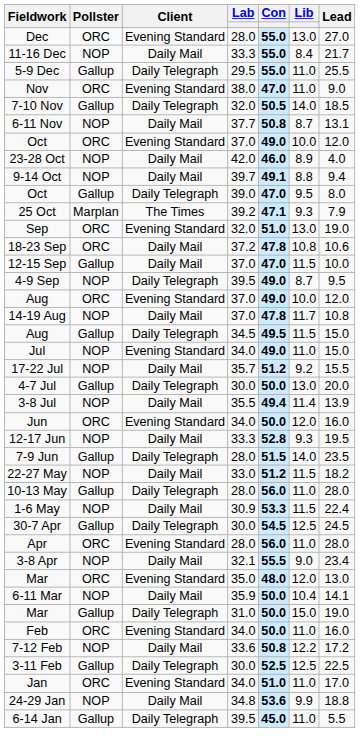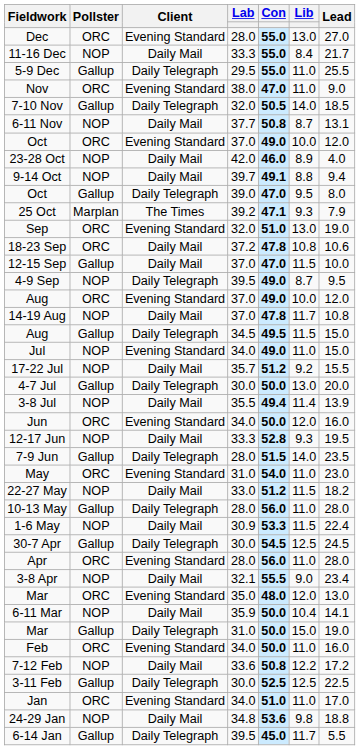 <table class="wikitable sortable mw-datatable" style="text-align: center; line-height: 14px; font-size: 95%;">
 <tr>
 <th rowspan="2">Fieldwork</th>
 <th rowspan="2">Pollster</th>
 <th rowspan="2">Client</th>
 <th><a href='#'>Lab</a></th>
 <th><a href='#'>Con</a></th>
 <th><a href='#'>Lib</a></th>
 <th rowspan="2">Lead</th>
 </tr>
 <tr>
 <th style="background:"></th>
 <th style="background:"></th>
 <th style="background:"></th>
 </tr>
 <tr>
 <td>Dec</td>
 <td>ORC</td>
 <td>Evening Standard</td>
 <td>28.0</td>
 <td style="background:#CCEBFF;"><strong>55.0</strong></td>
 <td>13.0</td>
 <td style="background:">27.0</td>
 </tr>
 <tr>
 <td>11-16 Dec</td>
 <td>NOP</td>
 <td>Daily Mail</td>
 <td>33.3</td>
 <td style="background:#CCEBFF;"><strong>55.0</strong></td>
 <td>8.4</td>
 <td style="background:">21.7</td>
 </tr>
 <tr>
 <td>5-9 Dec</td>
 <td>Gallup</td>
 <td>Daily Telegraph</td>
 <td>29.5</td>
 <td style="background:#CCEBFF;"><strong>55.0</strong></td>
 <td>11.0</td>
 <td style="background:">25.5</td>
 </tr>
 <tr>
 <td>Nov</td>
 <td>ORC</td>
 <td>Evening Standard</td>
 <td>38.0</td>
 <td style="background:#CCEBFF;"><strong>47.0</strong></td>
 <td>11.0</td>
 <td style="background:">9.0</td>
 </tr>
 <tr>
 <td>7-10 Nov</td>
 <td>Gallup</td>
 <td>Daily Telegraph</td>
 <td>32.0</td>
 <td style="background:#CCEBFF;"><strong>50.5</strong></td>
 <td>14.0</td>
 <td style="background:">18.5</td>
 </tr>
 <tr>
 <td>6-11 Nov</td>
 <td>NOP</td>
 <td>Daily Mail</td>
 <td>37.7</td>
 <td style="background:#CCEBFF;"><strong>50.8</strong></td>
 <td>8.7</td>
 <td style="background:">13.1</td>
 </tr>
 <tr>
 <td>Oct</td>
 <td>ORC</td>
 <td>Evening Standard</td>
 <td>37.0</td>
 <td style="background:#CCEBFF;"><strong>49.0</strong></td>
 <td>10.0</td>
 <td style="background:">12.0</td>
 </tr>
 <tr>
 <td>23-28 Oct</td>
 <td>NOP</td>
 <td>Daily Mail</td>
 <td>42.0</td>
 <td style="background:#CCEBFF;"><strong>46.0</strong></td>
 <td>8.9</td>
 <td style="background:">4.0</td>
 </tr>
 <tr>
 <td>9-14 Oct</td>
 <td>NOP</td>
 <td>Daily Mail</td>
 <td>39.7</td>
 <td style="background:#CCEBFF;"><strong>49.1</strong></td>
 <td>8.8</td>
 <td style="background:">9.4</td>
 </tr>
 <tr>
 <td>Oct</td>
 <td>Gallup</td>
 <td>Daily Telegraph</td>
 <td>39.0</td>
 <td style="background:#CCEBFF;"><strong>47.0</strong></td>
 <td>9.5</td>
 <td style="background:">8.0</td>
 </tr>
 <tr>
 <td>25 Oct</td>
 <td>Marplan</td>
 <td>The Times</td>
 <td>39.2</td>
 <td style="background:#CCEBFF;"><strong>47.1</strong></td>
 <td>9.3</td>
 <td style="background:">7.9</td>
 </tr>
 <tr>
 <td>Sep</td>
 <td>ORC</td>
 <td>Evening Standard</td>
 <td>32.0</td>
 <td style="background:#CCEBFF;"><strong>51.0</strong></td>
 <td>13.0</td>
 <td style="background:">19.0</td>
 </tr>
 <tr>
 <td>18-23 Sep</td>
 <td>ORC</td>
 <td>Daily Mail</td>
 <td>37.2</td>
 <td style="background:#CCEBFF;"><strong>47.8</strong></td>
 <td>10.8</td>
 <td style="background:">10.6</td>
 </tr>
 <tr>
 <td>12-15 Sep</td>
 <td>Gallup</td>
 <td>Daily Mail</td>
 <td>37.0</td>
 <td style="background:#CCEBFF;"><strong>47.0</strong></td>
 <td>11.5</td>
 <td style="background:">10.0</td>
 </tr>
 <tr>
 <td>4-9 Sep</td>
 <td>NOP</td>
 <td>Daily Telegraph</td>
 <td>39.5</td>
 <td style="background:#CCEBFF;"><strong>49.0</strong></td>
 <td>8.7</td>
 <td style="background:">9.5</td>
 </tr>
 <tr>
 <td>Aug</td>
 <td>ORC</td>
 <td>Evening Standard</td>
 <td>37.0</td>
 <td style="background:#CCEBFF;"><strong>49.0</strong></td>
 <td>10.0</td>
 <td style="background:">12.0</td>
 </tr>
 <tr>
 <td>14-19 Aug</td>
 <td>NOP</td>
 <td>Daily Mail</td>
 <td>37.0</td>
 <td style="background:#CCEBFF;"><strong>47.8</strong></td>
 <td>11.7</td>
 <td style="background:">10.8</td>
 </tr>
 <tr>
 <td>Aug</td>
 <td>Gallup</td>
 <td>Daily Telegraph</td>
 <td>34.5</td>
 <td style="background:#CCEBFF;"><strong>49.5</strong></td>
 <td>11.5</td>
 <td style="background:">15.0</td>
 </tr>
 <tr>
 <td>Jul</td>
 <td>NOP</td>
 <td>Evening Standard</td>
 <td>34.0</td>
 <td style="background:#CCEBFF;"><strong>49.0</strong></td>
 <td>11.0</td>
 <td style="background:">15.0</td>
 </tr>
 <tr>
 <td>17-22 Jul</td>
 <td>NOP</td>
 <td>Daily Mail</td>
 <td>35.7</td>
 <td style="background:#CCEBFF;"><strong>51.2</strong></td>
 <td>9.2</td>
 <td style="background:">15.5</td>
 </tr>
 <tr>
 <td>4-7 Jul</td>
 <td>Gallup</td>
 <td>Daily Telegraph</td>
 <td>30.0</td>
 <td style="background:#CCEBFF;"><strong>50.0</strong></td>
 <td>13.0</td>
 <td style="background:">20.0</td>
 </tr>
 <tr>
 <td>3-8 Jul</td>
 <td>NOP</td>
 <td>Daily Mail</td>
 <td>35.5</td>
 <td style="background:#CCEBFF;"><strong>49.4</strong></td>
 <td>11.4</td>
 <td style="background:">13.9</td>
 </tr>
 <tr>
 <td>Jun</td>
 <td>ORC</td>
 <td>Evening Standard</td>
 <td>34.0</td>
 <td style="background:#CCEBFF;"><strong>50.0</strong></td>
 <td>12.0</td>
 <td style="background:">16.0</td>
 </tr>
 <tr>
 <td>12-17 Jun</td>
 <td>NOP</td>
 <td>Daily Mail</td>
 <td>33.3</td>
 <td style="background:#CCEBFF;"><strong>52.8</strong></td>
 <td>9.3</td>
 <td style="background:">19.5</td>
 </tr>
 <tr>
 <td>7-9 Jun</td>
 <td>Gallup</td>
 <td>Daily Telegraph</td>
 <td>28.0</td>
 <td style="background:#CCEBFF;"><strong>51.5</strong></td>
 <td>14.0</td>
 <td style="background:">23.5</td>
 </tr>
 <tr>
+<td>May</td>
+<td>ORC</td>
+<td>Evening Standard</td>
+<td>31.0</td>
+<td style="background:#CCEBFF;"><strong>54.0</strong></td>
+<td>11.0</td>
+<td style="background:">23.0</td>
+</tr>
+<tr>
 <td>22-27 May</td>
 <td>NOP</td>
 <td>Daily Mail</td>
 <td>33.0</td>
 <td style="background:#CCEBFF;"><strong>51.2</strong></td>
 <td>11.5</td>
 <td style="background:">18.2</td>
 </tr>
 <tr>
 <td>10-13 May</td>
 <td>Gallup</td>
 <td>Daily Telegraph</td>
 <td>28.0</td>
 <td style="background:#CCEBFF;"><strong>56.0</strong></td>
 <td>11.0</td>
 <td style="background:">28.0</td>
 </tr>
 <tr>
 <td>1-6 May</td>
 <td>NOP</td>
 <td>Daily Mail</td>
 <td>30.9</td>
 <td style="background:#CCEBFF;"><strong>53.3</strong></td>
 <td>11.5</td>
 <td style="background:">22.4</td>
 </tr>
 <tr>
 <td>30-7 Apr</td>
 <td>Gallup</td>
 <td>Daily Telegraph</td>
 <td>30.0</td>
 <td style="background:#CCEBFF;"><strong>54.5</strong></td>
 <td>12.5</td>
 <td style="background:">24.5</td>
 </tr>
 <tr>
 <td>Apr</td>
 <td>ORC</td>
 <td>Evening Standard</td>
 <td>28.0</td>
 <td style="background:#CCEBFF;"><strong>56.0</strong></td>
 <td>11.0</td>
 <td style="background:">28.0</td>
 </tr>
 <tr>
 <td>3-8 Apr</td>
 <td>NOP</td>
 <td>Daily Mail</td>
 <td>32.1</td>
 <td style="background:#CCEBFF;"><strong>55.5</strong></td>
 <td>9.0</td>
 <td style="background:">23.4</td>
 </tr>
 <tr>
 <td>Mar</td>
 <td>ORC</td>
 <td>Evening Standard</td>
 <td>35.0</td>
 <td style="background:#CCEBFF;"><strong>48.0</strong></td>
 <td>12.0</td>
 <td style="background:">13.0</td>
 </tr>
 <tr>
 <td>6-11 Mar</td>
 <td>NOP</td>
 <td>Daily Mail</td>
 <td>35.9</td>
 <td style="background:#CCEBFF;"><strong>50.0</strong></td>
 <td>10.4</td>
 <td style="background:">14.1</td>
 </tr>
 <tr>
 <td>Mar</td>
 <td>Gallup</td>
 <td>Daily Telegraph</td>
 <td>31.0</td>
 <td style="background:#CCEBFF;"><strong>50.0</strong></td>
 <td>15.0</td>
 <td style="background:">19.0</td>
 </tr>
 <tr>
 <td>Feb</td>
 <td>ORC</td>
 <td>Evening Standard</td>
 <td>34.0</td>
 <td style="background:#CCEBFF;"><strong>50.0</strong></td>
 <td>11.0</td>
 <td style="background:">16.0</td>
 </tr>
 <tr>
 <td>7-12 Feb</td>
 <td>NOP</td>
 <td>Daily Mail</td>
 <td>33.6</td>
 <td style="background:#CCEBFF;"><strong>50.8</strong></td>
 <td>12.2</td>
 <td style="background:">17.2</td>
 </tr>
 <tr>
 <td>3-11 Feb</td>
 <td>Gallup</td>
 <td>Daily Telegraph</td>
 <td>30.0</td>
 <td style="background:#CCEBFF;"><strong>52.5</strong></td>
 <td>12.5</td>
 <td style="background:">22.5</td>
 </tr>
 <tr>
 <td>Jan</td>
 <td>ORC</td>
 <td>Evening Standard</td>
 <td>34.0</td>
 <td style="background:#CCEBFF;"><strong>51.0</strong></td>
 <td>11.0</td>
 <td style="background:">17.0</td>
 </tr>
 <tr>
 <td>24-29 Jan</td>
 <td>NOP</td>
 <td>Daily Mail</td>
 <td>34.8</td>
 <td style="background:#CCEBFF;"><strong>53.6</strong></td>
-<td>9.9</td>
+<td>9.8</td>
 <td style="background:">18.8</td>
 </tr>
 <tr>
 <td>6-14 Jan</td>
 <td>Gallup</td>
 <td>Daily Telegraph</td>
 <td>39.5</td>
 <td style="background:#CCEBFF;"><strong>45.0</strong></td>
-<td>11.0</td>
+<td>11.7</td>
 <td style="background:">5.5</td>
 </tr>
 </table>
